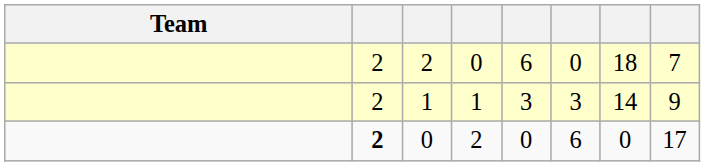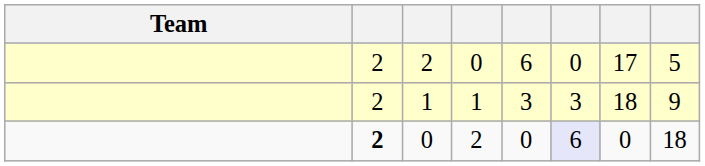 <table class="wikitable" style="text-align:center;">
 <tr>
 <th width=220>Team</th>
 <th width=25></th>
 <th width=25></th>
 <th width=25></th>
 <th width=25></th>
 <th width=25></th>
 <th width=25></th>
 <th width=25></th>
 </tr>
 <tr style="background:#ffffcc;">
 <td style="text-align:left;"></td>
 <td>2</td>
 <td>2</td>
 <td>0</td>
 <td>6</td>
 <td>0</td>
-<td>18</td>
-<td>7</td>
+<td>17</td>
+<td>5</td>
 </tr>
 <tr style="background:#ffffcc;">
 <td style="text-align:left;"></td>
 <td>2</td>
 <td>1</td>
 <td>1</td>
 <td>3</td>
 <td>3</td>
-<td>14</td>
+<td>18</td>
 <td>9</td>
 </tr>
 <tr>
 <td style="text-align:left;"></td>
 <td><strong>2</strong></td>
 <td>0</td>
 <td>2</td>
 <td>0</td>
-<td>6</td>
+<td style="background: lavender;">6</td>
 <td>0</td>
-<td>17</td>
+<td>18</td>
 </tr>
 </table>
